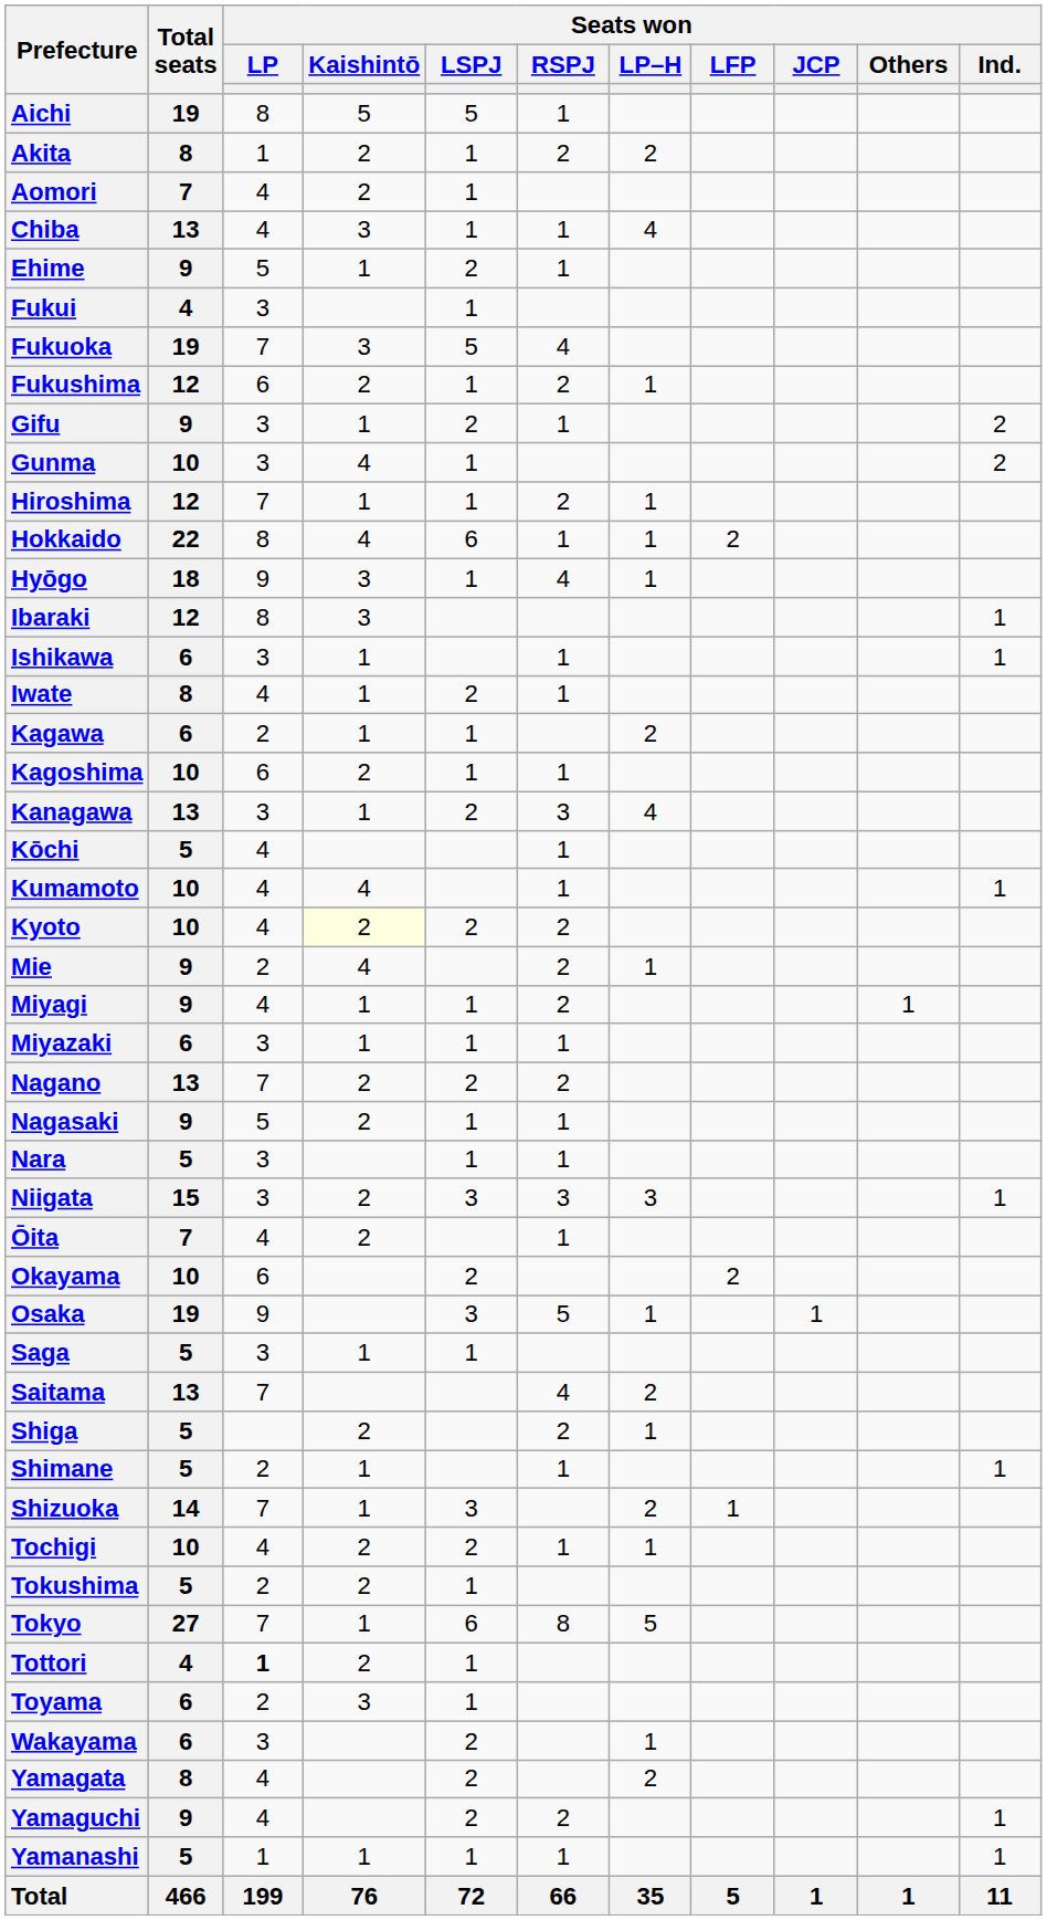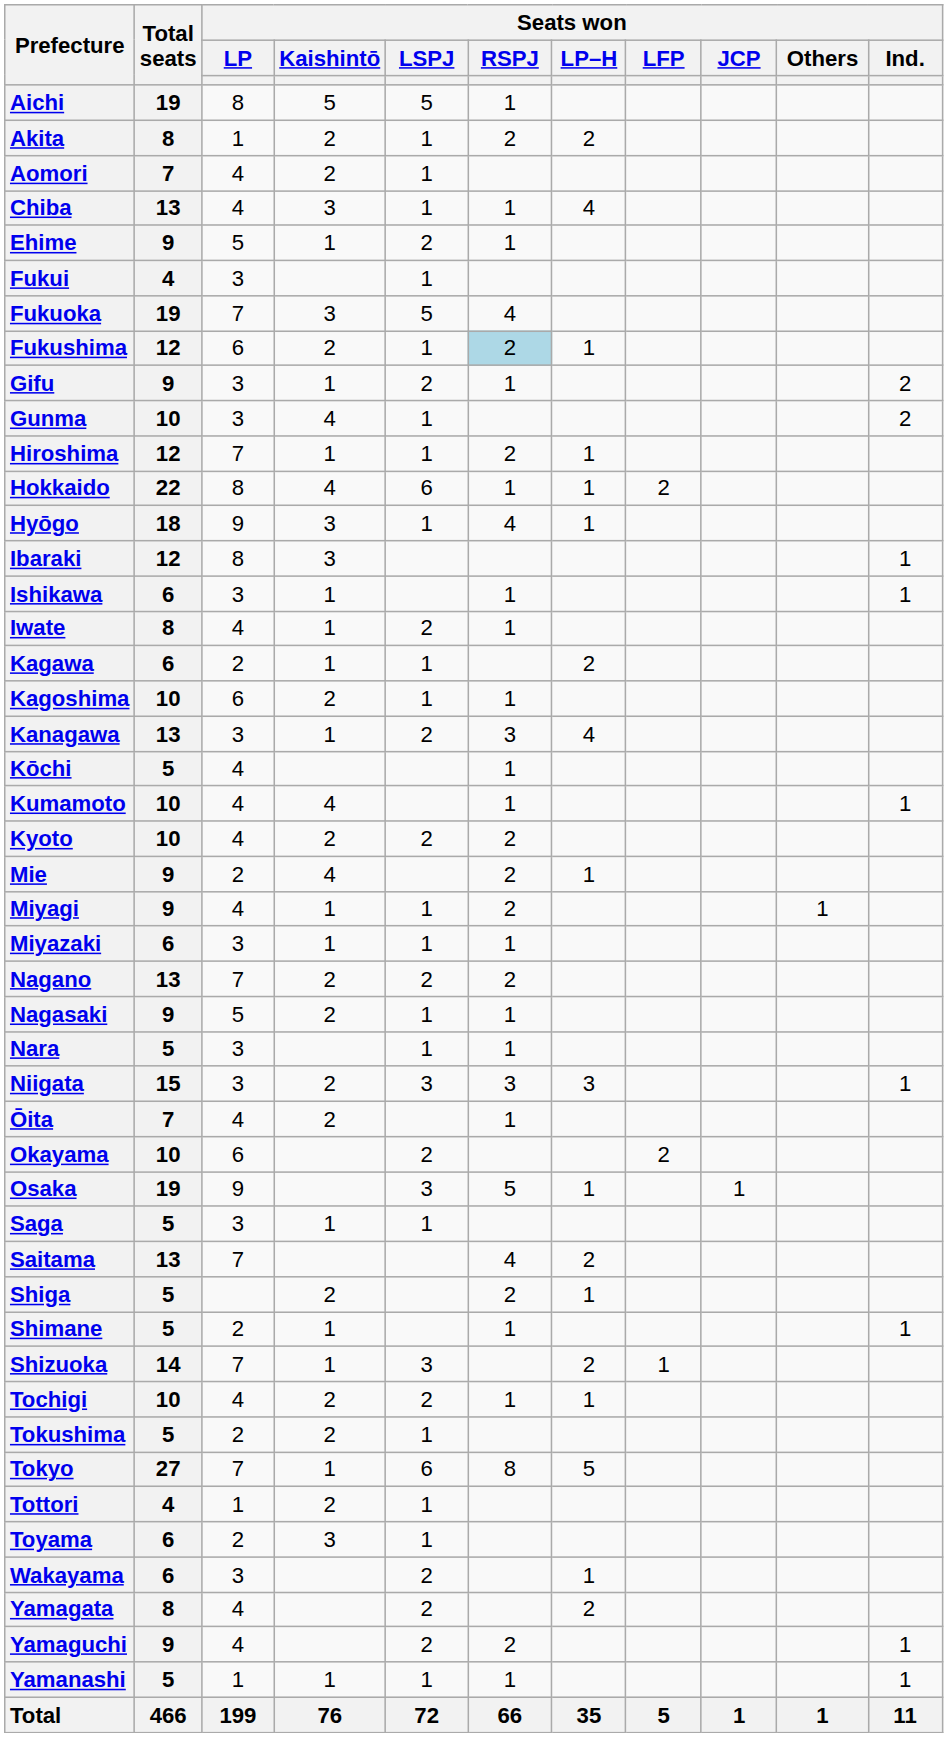 <table class="wikitable" style="text-align:center; font-size: 0.9em;">
 <tr>
 <th rowspan="3">Prefecture</th>
 <th rowspan="3">Total<br>seats</th>
 <th colspan="9">Seats won</th>
 </tr>
 <tr>
 <th class="unsortable" style="width:60px;"><a href='#'>LP</a></th>
 <th class="unsortable" style="width:60px;"><a href='#'>Kaishintō</a></th>
 <th class="unsortable" style="width:60px;"><a href='#'>LSPJ</a></th>
 <th class="unsortable" style="width:60px;"><a href='#'>RSPJ</a></th>
 <th class="unsortable" style="width:60px;"><a href='#'>LP–H</a></th>
 <th class="unsortable" style="width:60px;"><a href='#'>LFP</a></th>
 <th class="unsortable" style="width:60px;"><a href='#'>JCP</a></th>
 <th class="unsortable" style="width:60px;">Others</th>
 <th class="unsortable" style="width:60px;">Ind.</th>
 </tr>
 <tr>
 <th style="background:"></th>
 <th style="background:"></th>
 <th style="background:"></th>
 <th style="background:"></th>
 <th style="background:"></th>
 <th style="background:"></th>
 <th style="background:"></th>
 <th></th>
 <th style="background:"></th>
 </tr>
 <tr>
 <th style="text-align: left;"><a href='#'>Aichi</a></th>
 <th>19</th>
 <td>8</td>
 <td>5</td>
 <td>5</td>
 <td>1</td>
 <td></td>
 <td></td>
 <td></td>
 <td></td>
 <td></td>
 </tr>
 <tr>
 <th style="text-align: left;"><a href='#'>Akita</a></th>
 <th>8</th>
 <td>1</td>
 <td>2</td>
 <td>1</td>
 <td>2</td>
 <td>2</td>
 <td></td>
 <td></td>
 <td></td>
 <td></td>
 </tr>
 <tr>
 <th style="text-align: left;"><a href='#'>Aomori</a></th>
 <th>7</th>
 <td>4</td>
 <td>2</td>
 <td>1</td>
 <td></td>
 <td></td>
 <td></td>
 <td></td>
 <td></td>
 <td></td>
 </tr>
 <tr>
 <th style="text-align: left;"><a href='#'>Chiba</a></th>
 <th>13</th>
 <td>4</td>
 <td>3</td>
 <td>1</td>
 <td>1</td>
 <td>4</td>
 <td></td>
 <td></td>
 <td></td>
 <td></td>
 </tr>
 <tr>
 <th style="text-align: left;"><a href='#'>Ehime</a></th>
 <th>9</th>
 <td>5</td>
 <td>1</td>
 <td>2</td>
 <td>1</td>
 <td></td>
 <td></td>
 <td></td>
 <td></td>
 <td></td>
 </tr>
 <tr>
 <th style="text-align: left;"><a href='#'>Fukui</a></th>
 <th>4</th>
 <td>3</td>
 <td></td>
 <td>1</td>
 <td></td>
 <td></td>
 <td></td>
 <td></td>
 <td></td>
 <td></td>
 </tr>
 <tr>
 <th style="text-align: left;"><a href='#'>Fukuoka</a></th>
 <th>19</th>
 <td>7</td>
 <td>3</td>
 <td>5</td>
 <td>4</td>
 <td></td>
 <td></td>
 <td></td>
 <td></td>
 <td></td>
 </tr>
 <tr>
 <th style="text-align: left;"><a href='#'>Fukushima</a></th>
 <th>12</th>
 <td>6</td>
 <td>2</td>
 <td>1</td>
-<td>2</td>
+<td style="background: lightblue;">2</td>
 <td>1</td>
 <td></td>
 <td></td>
 <td></td>
 <td></td>
 </tr>
 <tr>
 <th style="text-align: left;"><a href='#'>Gifu</a></th>
 <th>9</th>
 <td>3</td>
 <td>1</td>
 <td>2</td>
 <td>1</td>
 <td></td>
 <td></td>
 <td></td>
 <td></td>
 <td>2</td>
 </tr>
 <tr>
 <th style="text-align: left;"><a href='#'>Gunma</a></th>
 <th>10</th>
 <td>3</td>
 <td>4</td>
 <td>1</td>
 <td></td>
 <td></td>
 <td></td>
 <td></td>
 <td></td>
 <td>2</td>
 </tr>
 <tr>
 <th style="text-align: left;"><a href='#'>Hiroshima</a></th>
 <th>12</th>
 <td>7</td>
 <td>1</td>
 <td>1</td>
 <td>2</td>
 <td>1</td>
 <td></td>
 <td></td>
 <td></td>
 <td></td>
 </tr>
 <tr>
 <th style="text-align: left;"><a href='#'>Hokkaido</a></th>
 <th>22</th>
 <td>8</td>
 <td>4</td>
 <td>6</td>
 <td>1</td>
 <td>1</td>
 <td>2</td>
 <td></td>
 <td></td>
 <td></td>
 </tr>
 <tr>
 <th style="text-align: left;"><a href='#'>Hyōgo</a></th>
 <th>18</th>
 <td>9</td>
 <td>3</td>
 <td>1</td>
 <td>4</td>
 <td>1</td>
 <td></td>
 <td></td>
 <td></td>
 <td></td>
 </tr>
 <tr>
 <th style="text-align: left;"><a href='#'>Ibaraki</a></th>
 <th>12</th>
 <td>8</td>
 <td>3</td>
 <td></td>
 <td></td>
 <td></td>
 <td></td>
 <td></td>
 <td></td>
 <td>1</td>
 </tr>
 <tr>
 <th style="text-align: left;"><a href='#'>Ishikawa</a></th>
 <th>6</th>
 <td>3</td>
 <td>1</td>
 <td></td>
 <td>1</td>
 <td></td>
 <td></td>
 <td></td>
 <td></td>
 <td>1</td>
 </tr>
 <tr>
 <th style="text-align: left;"><a href='#'>Iwate</a></th>
 <th>8</th>
 <td>4</td>
 <td>1</td>
 <td>2</td>
 <td>1</td>
 <td></td>
 <td></td>
 <td></td>
 <td></td>
 <td></td>
 </tr>
 <tr>
 <th style="text-align: left;"><a href='#'>Kagawa</a></th>
 <th>6</th>
 <td>2</td>
 <td>1</td>
 <td>1</td>
 <td></td>
 <td>2</td>
 <td></td>
 <td></td>
 <td></td>
 <td></td>
 </tr>
 <tr>
 <th style="text-align: left;"><a href='#'>Kagoshima</a></th>
 <th>10</th>
 <td>6</td>
 <td>2</td>
 <td>1</td>
 <td>1</td>
 <td></td>
 <td></td>
 <td></td>
 <td></td>
 <td></td>
 </tr>
 <tr>
 <th style="text-align: left;"><a href='#'>Kanagawa</a></th>
 <th>13</th>
 <td>3</td>
 <td>1</td>
 <td>2</td>
 <td>3</td>
 <td>4</td>
 <td></td>
 <td></td>
 <td></td>
 <td></td>
 </tr>
 <tr>
 <th style="text-align: left;"><a href='#'>Kōchi</a></th>
 <th>5</th>
 <td>4</td>
 <td></td>
 <td></td>
 <td>1</td>
 <td></td>
 <td></td>
 <td></td>
 <td></td>
 <td></td>
 </tr>
 <tr>
 <th style="text-align: left;"><a href='#'>Kumamoto</a></th>
 <th>10</th>
 <td>4</td>
 <td>4</td>
 <td></td>
 <td>1</td>
 <td></td>
 <td></td>
 <td></td>
 <td></td>
 <td>1</td>
 </tr>
 <tr>
 <th style="text-align: left;"><a href='#'>Kyoto</a></th>
 <th>10</th>
 <td>4</td>
-<td style="background: lightyellow;">2</td>
+<td>2</td>
 <td>2</td>
 <td>2</td>
 <td></td>
 <td></td>
 <td></td>
 <td></td>
 <td></td>
 </tr>
 <tr>
 <th style="text-align: left;"><a href='#'>Mie</a></th>
 <th>9</th>
 <td>2</td>
 <td>4</td>
 <td></td>
 <td>2</td>
 <td>1</td>
 <td></td>
 <td></td>
 <td></td>
 <td></td>
 </tr>
 <tr>
 <th style="text-align: left;"><a href='#'>Miyagi</a></th>
 <th>9</th>
 <td>4</td>
 <td>1</td>
 <td>1</td>
 <td>2</td>
 <td></td>
 <td></td>
 <td></td>
 <td>1</td>
 <td></td>
 </tr>
 <tr>
 <th style="text-align: left;"><a href='#'>Miyazaki</a></th>
 <th>6</th>
 <td>3</td>
 <td>1</td>
 <td>1</td>
 <td>1</td>
 <td></td>
 <td></td>
 <td></td>
 <td></td>
 <td></td>
 </tr>
 <tr>
 <th style="text-align: left;"><a href='#'>Nagano</a></th>
 <th>13</th>
 <td>7</td>
 <td>2</td>
 <td>2</td>
 <td>2</td>
 <td></td>
 <td></td>
 <td></td>
 <td></td>
 <td></td>
 </tr>
 <tr>
 <th style="text-align: left;"><a href='#'>Nagasaki</a></th>
 <th>9</th>
 <td>5</td>
 <td>2</td>
 <td>1</td>
 <td>1</td>
 <td></td>
 <td></td>
 <td></td>
 <td></td>
 <td></td>
 </tr>
 <tr>
 <th style="text-align: left;"><a href='#'>Nara</a></th>
 <th>5</th>
 <td>3</td>
 <td></td>
 <td>1</td>
 <td>1</td>
 <td></td>
 <td></td>
 <td></td>
 <td></td>
 <td></td>
 </tr>
 <tr>
 <th style="text-align: left;"><a href='#'>Niigata</a></th>
 <th>15</th>
 <td>3</td>
 <td>2</td>
 <td>3</td>
 <td>3</td>
 <td>3</td>
 <td></td>
 <td></td>
 <td></td>
 <td>1</td>
 </tr>
 <tr>
 <th style="text-align: left;"><a href='#'>Ōita</a></th>
 <th>7</th>
 <td>4</td>
 <td>2</td>
 <td></td>
 <td>1</td>
 <td></td>
 <td></td>
 <td></td>
 <td></td>
 <td></td>
 </tr>
 <tr>
 <th style="text-align: left;"><a href='#'>Okayama</a></th>
 <th>10</th>
 <td>6</td>
 <td></td>
 <td>2</td>
 <td></td>
 <td></td>
 <td>2</td>
 <td></td>
 <td></td>
 <td></td>
 </tr>
 <tr>
 <th style="text-align: left;"><a href='#'>Osaka</a></th>
 <th>19</th>
 <td>9</td>
 <td></td>
 <td>3</td>
 <td>5</td>
 <td>1</td>
 <td></td>
 <td>1</td>
 <td></td>
 <td></td>
 </tr>
 <tr>
 <th style="text-align: left;"><a href='#'>Saga</a></th>
 <th>5</th>
 <td>3</td>
 <td>1</td>
 <td>1</td>
 <td></td>
 <td></td>
 <td></td>
 <td></td>
 <td></td>
 <td></td>
 </tr>
 <tr>
 <th style="text-align: left;"><a href='#'>Saitama</a></th>
 <th>13</th>
 <td>7</td>
 <td></td>
 <td></td>
 <td>4</td>
 <td>2</td>
 <td></td>
 <td></td>
 <td></td>
 <td></td>
 </tr>
 <tr>
 <th style="text-align: left;"><a href='#'>Shiga</a></th>
 <th>5</th>
 <td></td>
 <td>2</td>
 <td></td>
 <td>2</td>
 <td>1</td>
 <td></td>
 <td></td>
 <td></td>
 <td></td>
 </tr>
 <tr>
 <th style="text-align: left;"><a href='#'>Shimane</a></th>
 <th>5</th>
 <td>2</td>
 <td>1</td>
 <td></td>
 <td>1</td>
 <td></td>
 <td></td>
 <td></td>
 <td></td>
 <td>1</td>
 </tr>
 <tr>
 <th style="text-align: left;"><a href='#'>Shizuoka</a></th>
 <th>14</th>
 <td>7</td>
 <td>1</td>
 <td>3</td>
 <td></td>
 <td>2</td>
 <td>1</td>
 <td></td>
 <td></td>
 <td></td>
 </tr>
 <tr>
 <th style="text-align: left;"><a href='#'>Tochigi</a></th>
 <th>10</th>
 <td>4</td>
 <td>2</td>
 <td>2</td>
 <td>1</td>
 <td>1</td>
 <td></td>
 <td></td>
 <td></td>
 <td></td>
 </tr>
 <tr>
 <th style="text-align: left;"><a href='#'>Tokushima</a></th>
 <th>5</th>
 <td>2</td>
 <td>2</td>
 <td>1</td>
 <td></td>
 <td></td>
 <td></td>
 <td></td>
 <td></td>
 <td></td>
 </tr>
 <tr>
 <th style="text-align: left;"><a href='#'>Tokyo</a></th>
 <th>27</th>
 <td>7</td>
 <td>1</td>
 <td>6</td>
 <td>8</td>
 <td>5</td>
 <td></td>
 <td></td>
 <td></td>
 <td></td>
 </tr>
 <tr>
 <th style="text-align: left;"><a href='#'>Tottori</a></th>
 <th>4</th>
-<td><strong>1</strong></td>
+<td>1</td>
 <td>2</td>
 <td>1</td>
 <td></td>
 <td></td>
 <td></td>
 <td></td>
 <td></td>
 <td></td>
 </tr>
 <tr>
 <th style="text-align: left;"><a href='#'>Toyama</a></th>
 <th>6</th>
 <td>2</td>
 <td>3</td>
 <td>1</td>
 <td></td>
 <td></td>
 <td></td>
 <td></td>
 <td></td>
 <td></td>
 </tr>
 <tr>
 <th style="text-align: left;"><a href='#'>Wakayama</a></th>
 <th>6</th>
 <td>3</td>
 <td></td>
 <td>2</td>
 <td></td>
 <td>1</td>
 <td></td>
 <td></td>
 <td></td>
 <td></td>
 </tr>
 <tr>
 <th style="text-align: left;"><a href='#'>Yamagata</a></th>
 <th>8</th>
 <td>4</td>
 <td></td>
 <td>2</td>
 <td></td>
 <td>2</td>
 <td></td>
 <td></td>
 <td></td>
 <td></td>
 </tr>
 <tr>
 <th style="text-align: left;"><a href='#'>Yamaguchi</a></th>
 <th>9</th>
 <td>4</td>
 <td></td>
 <td>2</td>
 <td>2</td>
 <td></td>
 <td></td>
 <td></td>
 <td></td>
 <td>1</td>
 </tr>
 <tr>
 <th style="text-align: left;"><a href='#'>Yamanashi</a></th>
 <th>5</th>
 <td>1</td>
 <td>1</td>
 <td>1</td>
 <td>1</td>
 <td></td>
 <td></td>
 <td></td>
 <td></td>
 <td>1</td>
 </tr>
 <tr class="sortbottom">
 <th style="text-align: left;">Total</th>
 <th>466</th>
 <th>199</th>
 <th>76</th>
 <th>72</th>
 <th>66</th>
 <th>35</th>
 <th>5</th>
 <th>1</th>
 <th>1</th>
 <th>11</th>
 </tr>
 </table>
